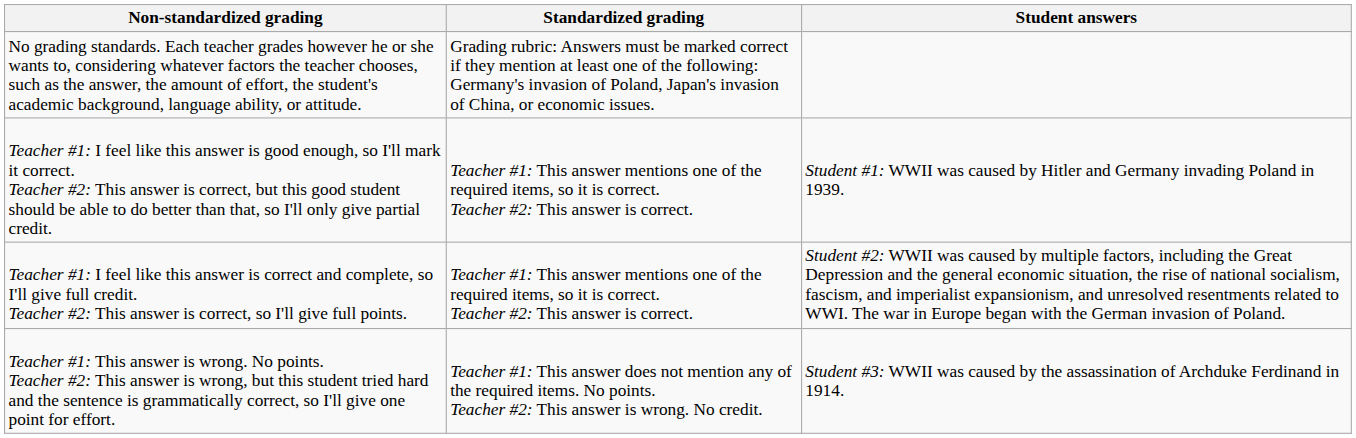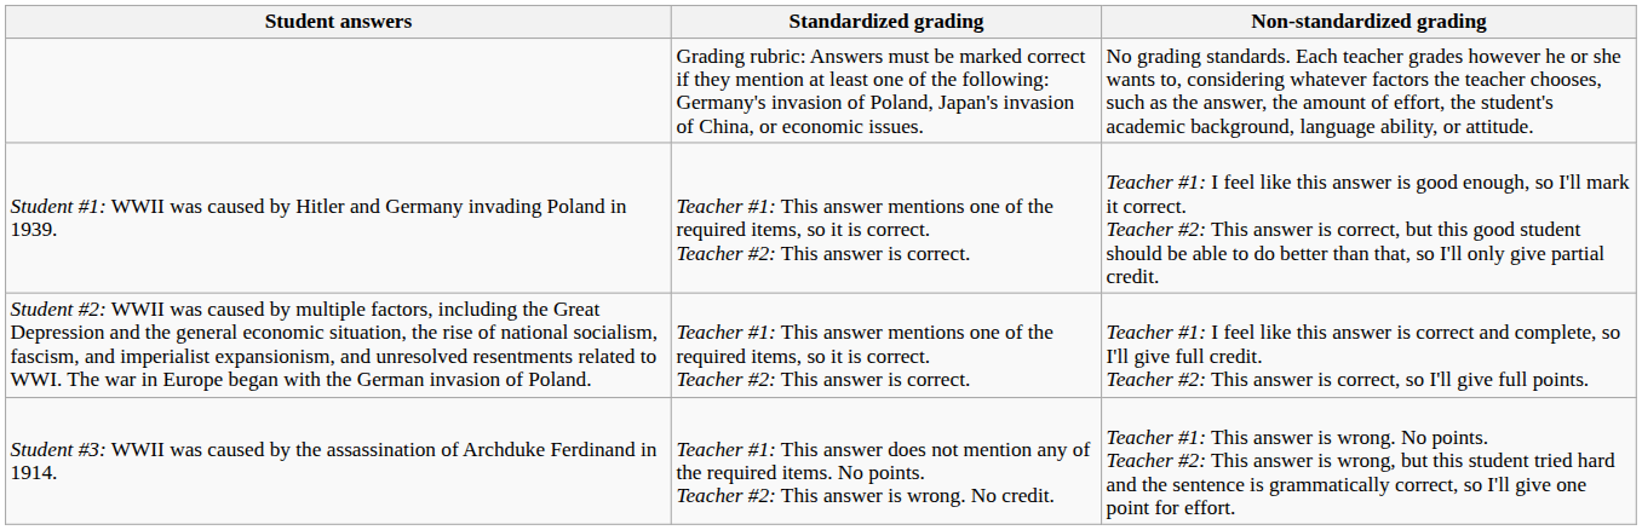 <table class="wikitable">
 <tr>
+<th>Student answers</th>
+<th>Standardized grading</th>
 <th>Non-standardized grading</th>
-<th>Standardized grading</th>
-<th>Student answers</th>
 </tr>
 <tr>
+<td></td>
+<td>Grading rubric: Answers must be marked correct if they mention at least one of the following:  Germany's invasion of Poland, Japan's invasion of China, or economic issues.</td>
 <td>No grading standards.  Each teacher grades however he or she wants to, considering whatever factors the teacher chooses, such as the answer, the amount of effort, the student's academic background, language ability, or attitude.</td>
-<td>Grading rubric: Answers must be marked correct if they mention at least one of the following:  Germany's invasion of Poland, Japan's invasion of China, or economic issues.</td>
-<td></td>
 </tr>
 <tr>
+<td><em>Student #1:</em> WWII was caused by Hitler and Germany invading Poland in 1939.</td>
+<td><br><em>Teacher #1:</em> This answer mentions one of the required items, so it is correct.<br> <em>Teacher #2:</em>  This answer is correct.</td>
 <td><br><em>Teacher #1:</em> I feel like this answer is good enough, so I'll mark it correct. <br>  <em>Teacher #2:</em>  This answer is correct, but this good student should be able to do better than that, so I'll only give partial credit.</td>
-<td><br><em>Teacher #1:</em> This answer mentions one of the required items, so it is correct.<br> <em>Teacher #2:</em>  This answer is correct.</td>
-<td><em>Student #1:</em> WWII was caused by Hitler and Germany invading Poland in 1939.</td>
 </tr>
 <tr>
+<td><em>Student #2:</em> WWII was caused by multiple factors, including the Great Depression and the general economic situation, the rise of national socialism, fascism, and imperialist expansionism, and unresolved resentments related to WWI.  The war in Europe began with the German invasion of Poland.</td>
+<td><br><em>Teacher #1:</em> This answer mentions one of the required items, so it is correct. <br>  <em>Teacher #2:</em>  This answer is correct.</td>
 <td><br><em>Teacher #1:</em> I feel like this answer is correct and complete, so I'll give full credit. <br>  <em>Teacher #2:</em>  This answer is correct, so I'll give full points.</td>
-<td><br><em>Teacher #1:</em> This answer mentions one of the required items, so it is correct. <br>  <em>Teacher #2:</em>  This answer is correct.</td>
-<td><em>Student #2:</em> WWII was caused by multiple factors, including the Great Depression and the general economic situation, the rise of national socialism, fascism, and imperialist expansionism, and unresolved resentments related to WWI.  The war in Europe began with the German invasion of Poland.</td>
 </tr>
 <tr>
+<td><em>Student #3:</em>  WWII was caused by the assassination of Archduke Ferdinand in 1914.</td>
+<td><br><em>Teacher #1:</em> This answer does not mention any of the required items. No points.<br>  <em>Teacher #2:</em> This answer is wrong. No credit.</td>
 <td><br><em>Teacher #1:</em> This answer is wrong. No points. <br>  <em>Teacher #2:</em>  This answer is wrong, but this student tried hard and the sentence is grammatically correct, so I'll give one point for effort.</td>
-<td><br><em>Teacher #1:</em> This answer does not mention any of the required items. No points.<br>  <em>Teacher #2:</em> This answer is wrong. No credit.</td>
-<td><em>Student #3:</em>  WWII was caused by the assassination of Archduke Ferdinand in 1914.</td>
 </tr>
 </table>
